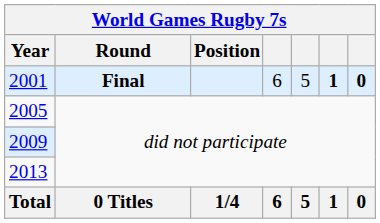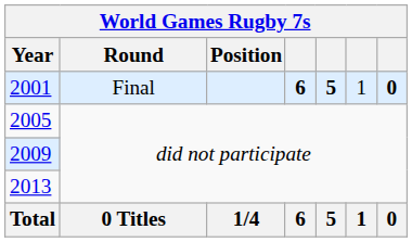 <table class="wikitable" style="text-align: center;">
 <tr>
 <th colspan=10><a href='#'>World Games Rugby 7s</a> </th>
 </tr>
 <tr>
 <th>Year</th>
 <th style="width:6.6em;">Round</th>
 <th style="padding:2px;">Position</th>
 <th style="width:1em;"></th>
 <th style="width:1em;"></th>
 <th style="width:1em;"></th>
 <th style="width:1em;"></th>
 </tr>
 <tr bgcolor=#def>
 <td align=left> <a href='#'>2001</a></td>
-<td><strong>Final</strong></td>
+<td>Final</td>
 <td></td>
-<td>6</td>
-<td>5</td>
-<td><strong>1</strong></td>
+<td><strong>6</strong></td>
+<td><strong>5</strong></td>
+<td>1</td>
 <td><strong>0</strong></td>
 </tr>
 <tr>
 <td align=left> <a href='#'>2005</a></td>
 <td colspan="6" rowspan=3 style="background-color:#f9f9f9;"><em>did not participate</em></td>
 </tr>
 <tr bgcolor=#def>
 <td align=left> <a href='#'>2009</a></td>
 </tr>
 <tr>
 <td align=left> <a href='#'>2013</a></td>
 </tr>
 <tr>
 <th>Total</th>
 <th>0 Titles</th>
 <th>1/4</th>
 <th>6</th>
 <th>5</th>
 <th>1</th>
 <th>0</th>
 </tr>
 </table>
